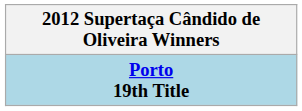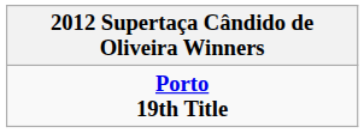 <table class="wikitable" style="text-align: center; margin: 0 auto; width: 20%">
 <tr>
 <th>2012 Supertaça Cândido de Oliveira Winners</th>
 </tr>
 <tr>
-<td style="background: lightblue;"><strong><a href='#'>Porto</a></strong><br><strong>19th Title</strong></td>
+<td><strong><a href='#'>Porto</a></strong><br><strong>19th Title</strong></td>
 </tr>
 </table>
